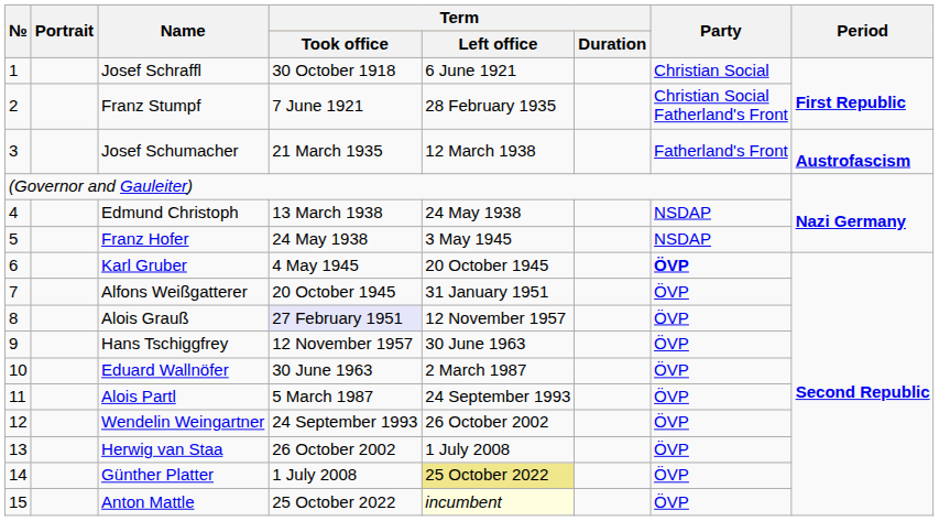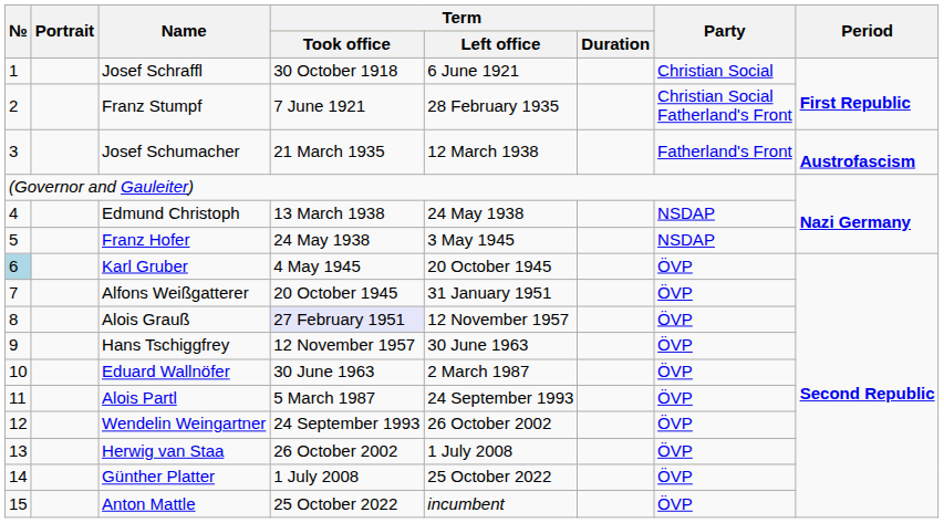 <table class="wikitable">
 <tr>
 <th rowspan="2">№</th>
 <th rowspan="2">Portrait</th>
 <th rowspan="2">Name</th>
 <th colspan="3">Term</th>
 <th rowspan="2">Party</th>
 <th rowspan="2">Period</th>
 </tr>
 <tr ---- bgcolor="#ffdead">
 <th>Took office</th>
 <th>Left office</th>
 <th>Duration</th>
 </tr>
 <tr>
 <td>1</td>
 <td></td>
 <td>Josef Schraffl</td>
 <td>30 October 1918</td>
 <td>6 June 1921</td>
 <td></td>
 <td><a href='#'>Christian Social</a></td>
 <td rowspan="2"><br><strong><a href='#'>First Republic</a></strong><br></td>
 </tr>
 <tr>
 <td>2</td>
 <td></td>
 <td Franz Stumpf (CS)>Franz Stumpf</td>
 <td>7 June 1921</td>
 <td>28 February 1935</td>
 <td></td>
 <td><a href='#'>Christian Social</a><br><a href='#'>Fatherland's Front</a></td>
 </tr>
 <tr>
 <td>3</td>
 <td></td>
 <td>Josef Schumacher</td>
 <td>21 March 1935</td>
 <td>12 March 1938</td>
 <td></td>
 <td><a href='#'>Fatherland's Front</a></td>
 <td><br><strong><a href='#'>Austrofascism</a></strong><br></td>
 </tr>
 <tr>
 <td colspan="7"><em>(Governor and <a href='#'>Gauleiter</a>)</em></td>
 <td rowspan="3"><br><strong><a href='#'>Nazi Germany</a></strong><br></td>
 </tr>
 <tr>
 <td>4</td>
 <td></td>
 <td>Edmund Christoph</td>
 <td>13 March 1938</td>
 <td>24 May 1938</td>
 <td></td>
 <td><a href='#'>NSDAP</a></td>
 </tr>
 <tr>
 <td>5</td>
 <td></td>
 <td><a href='#'>Franz Hofer</a></td>
 <td>24 May 1938</td>
 <td>3 May 1945</td>
 <td></td>
 <td><a href='#'>NSDAP</a></td>
 </tr>
 <tr>
-<td>6</td>
+<td style="background: lightblue;">6</td>
 <td></td>
 <td><a href='#'>Karl Gruber</a></td>
 <td>4 May 1945</td>
 <td>20 October 1945</td>
 <td></td>
-<td><strong><a href='#'>ÖVP</a></strong></td>
+<td><a href='#'>ÖVP</a></td>
 <td rowspan="10"><br><strong><a href='#'>Second Republic</a></strong><br></td>
 </tr>
 <tr>
 <td>7</td>
 <td></td>
 <td>Alfons Weißgatterer</td>
 <td>20 October 1945</td>
 <td>31 January 1951</td>
 <td></td>
 <td><a href='#'>ÖVP</a></td>
 </tr>
 <tr>
 <td>8</td>
 <td></td>
 <td>Alois Grauß</td>
 <td style="background: lavender;">27 February 1951</td>
 <td>12 November 1957</td>
 <td></td>
 <td><a href='#'>ÖVP</a></td>
 </tr>
 <tr>
 <td>9</td>
 <td></td>
 <td>Hans Tschiggfrey</td>
 <td>12 November 1957</td>
 <td>30 June 1963</td>
 <td></td>
 <td><a href='#'>ÖVP</a></td>
 </tr>
 <tr>
 <td>10</td>
 <td></td>
 <td><a href='#'>Eduard Wallnöfer</a></td>
 <td>30 June 1963</td>
 <td>2 March 1987</td>
 <td></td>
 <td><a href='#'>ÖVP</a></td>
 </tr>
 <tr>
 <td>11</td>
 <td></td>
 <td><a href='#'>Alois Partl</a></td>
 <td>5 March 1987</td>
 <td>24 September 1993</td>
 <td></td>
 <td><a href='#'>ÖVP</a></td>
 </tr>
 <tr>
 <td>12</td>
 <td></td>
 <td><a href='#'>Wendelin Weingartner</a></td>
 <td>24 September 1993</td>
 <td>26 October 2002</td>
 <td></td>
 <td><a href='#'>ÖVP</a></td>
 </tr>
 <tr>
 <td>13</td>
 <td></td>
 <td><a href='#'>Herwig van Staa</a></td>
 <td>26 October 2002</td>
 <td>1 July 2008</td>
 <td></td>
 <td><a href='#'>ÖVP</a></td>
 </tr>
 <tr>
 <td>14</td>
 <td></td>
 <td><a href='#'>Günther Platter</a></td>
 <td>1 July 2008</td>
-<td style="background: khaki;">25 October 2022</td>
+<td>25 October 2022</td>
 <td></td>
 <td><a href='#'>ÖVP</a></td>
 </tr>
 <tr>
 <td>15</td>
 <td></td>
 <td><a href='#'>Anton Mattle</a></td>
 <td>25 October 2022</td>
-<td style="background: lightyellow;"><em>incumbent</em></td>
+<td><em>incumbent</em></td>
 <td></td>
 <td><a href='#'>ÖVP</a></td>
 </tr>
 </table>
